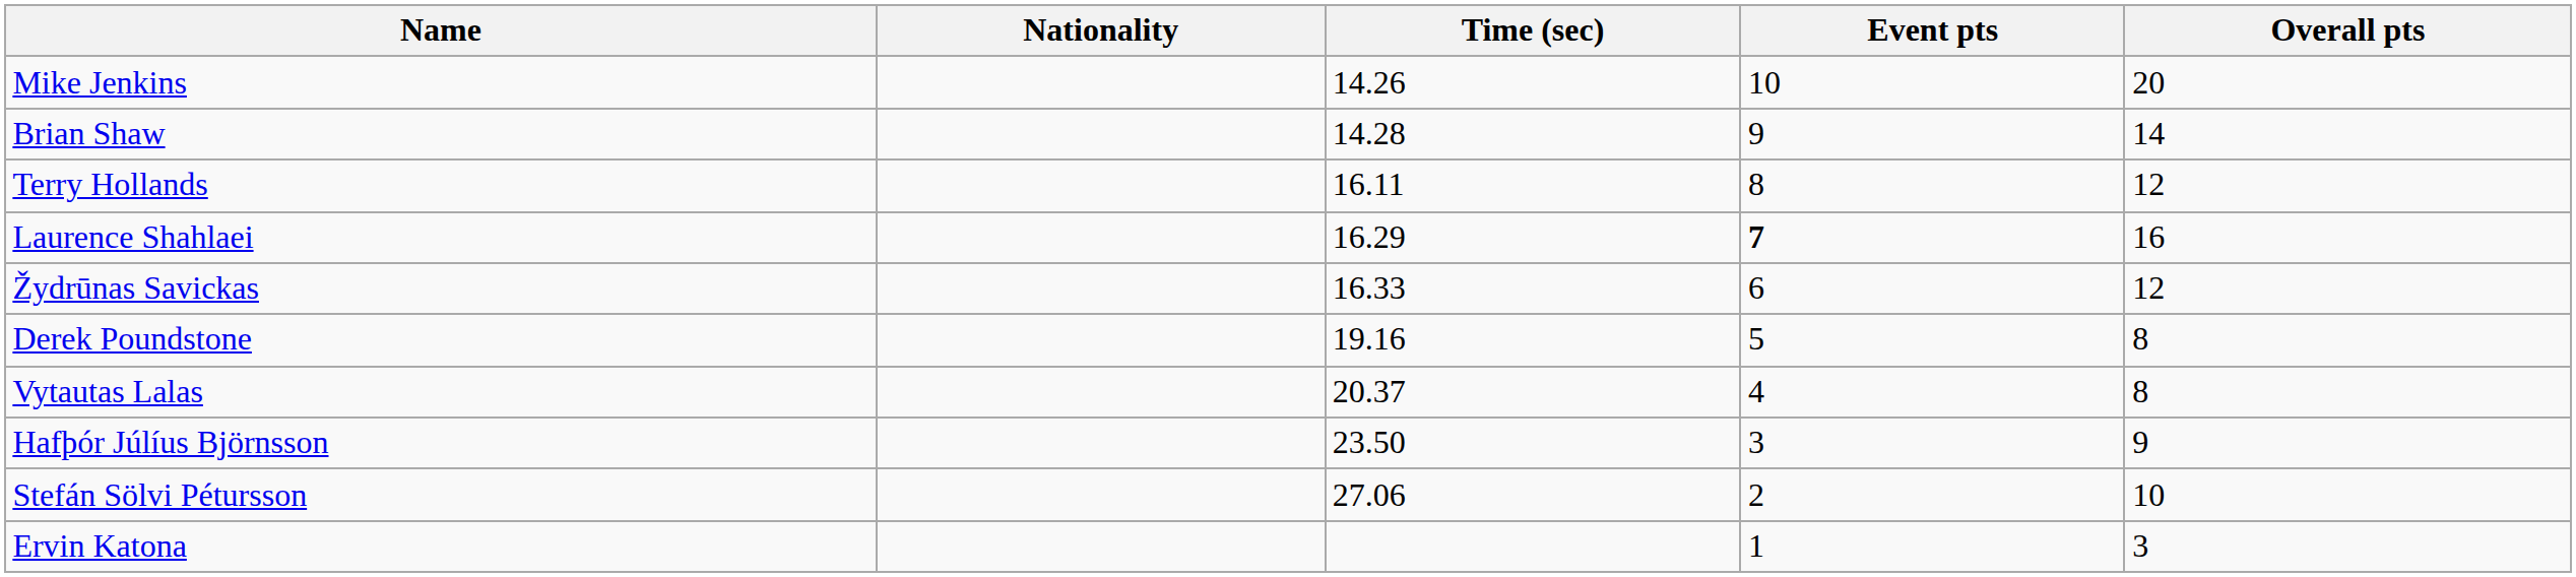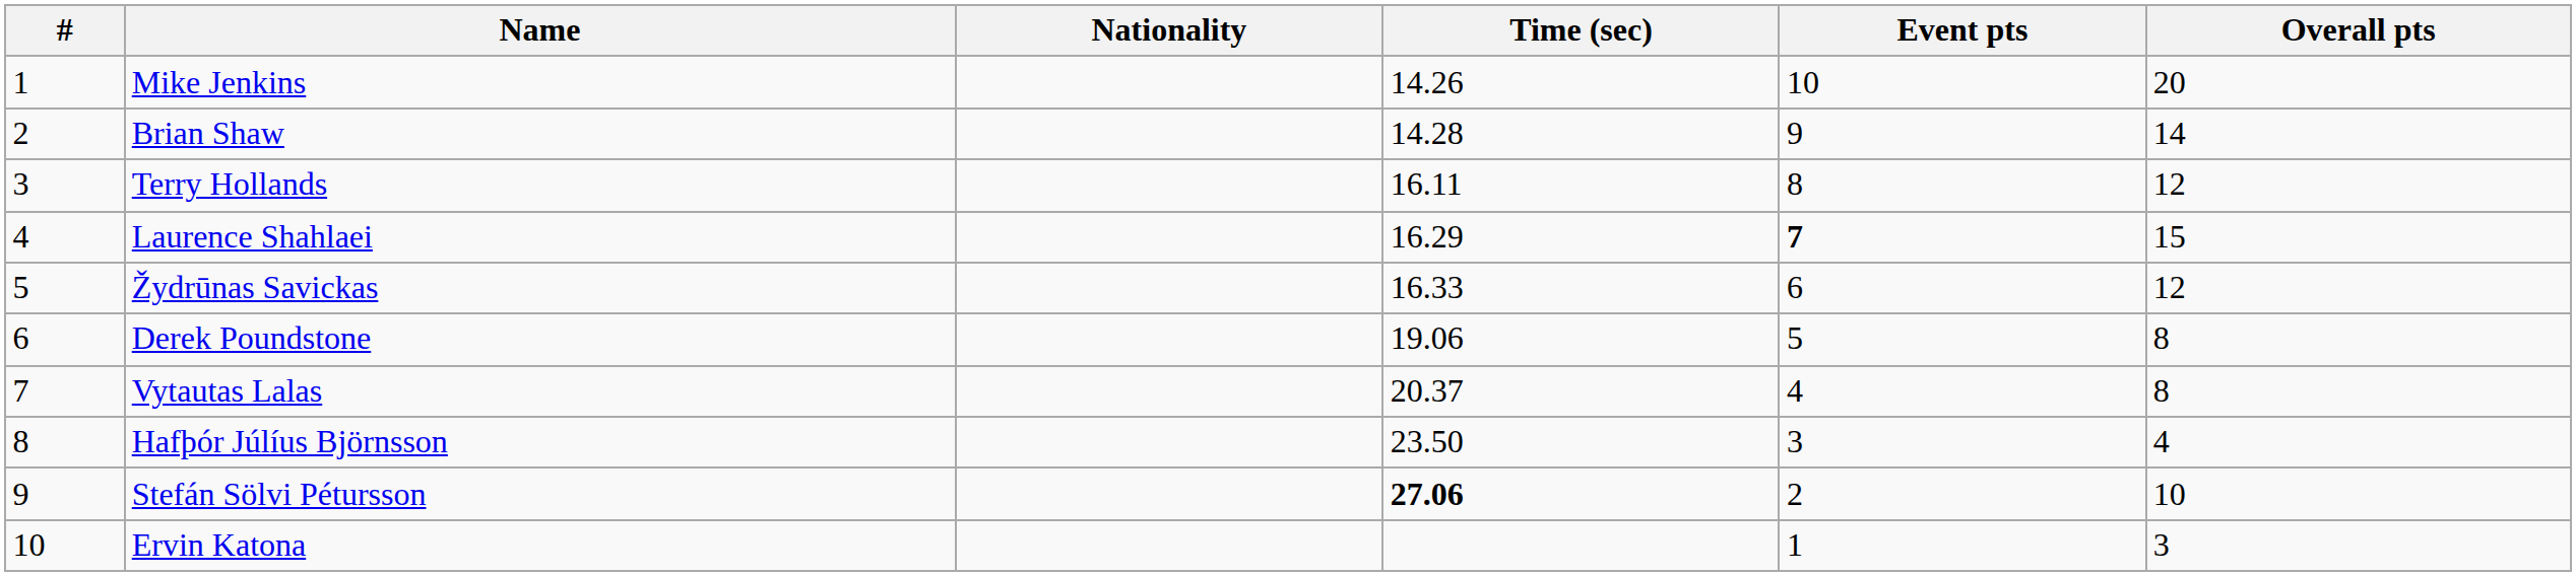 <table class="wikitable sortable" style="display: inline-table;width: 100%;">
 <tr>
+<th>#</th>
 <th>Name</th>
 <th>Nationality</th>
 <th>Time (sec)</th>
 <th>Event pts</th>
 <th>Overall pts</th>
 </tr>
 <tr>
+<td>1</td>
 <td><a href='#'>Mike Jenkins</a></td>
 <td></td>
 <td>14.26</td>
 <td>10</td>
 <td>20</td>
 </tr>
 <tr>
+<td>2</td>
 <td><a href='#'>Brian Shaw</a></td>
 <td></td>
 <td>14.28</td>
 <td>9</td>
 <td>14</td>
 </tr>
 <tr>
+<td>3</td>
 <td><a href='#'>Terry Hollands</a></td>
 <td></td>
 <td>16.11</td>
 <td>8</td>
 <td>12</td>
 </tr>
 <tr>
+<td>4</td>
 <td><a href='#'>Laurence Shahlaei</a></td>
 <td></td>
 <td>16.29</td>
 <td><strong>7</strong></td>
-<td>16</td>
+<td>15</td>
 </tr>
 <tr>
+<td>5</td>
 <td><a href='#'>Žydrūnas Savickas</a></td>
 <td></td>
 <td>16.33</td>
 <td>6</td>
 <td>12</td>
 </tr>
 <tr>
+<td>6</td>
 <td><a href='#'>Derek Poundstone</a></td>
 <td></td>
-<td>19.16</td>
+<td>19.06</td>
 <td>5</td>
 <td>8</td>
 </tr>
 <tr>
+<td>7</td>
 <td><a href='#'>Vytautas Lalas</a></td>
 <td></td>
 <td>20.37</td>
 <td>4</td>
 <td>8</td>
 </tr>
 <tr>
+<td>8</td>
 <td><a href='#'>Hafþór Júlíus Björnsson</a></td>
 <td></td>
 <td>23.50</td>
 <td>3</td>
-<td>9</td>
+<td>4</td>
 </tr>
 <tr>
+<td>9</td>
 <td><a href='#'>Stefán Sölvi Pétursson</a></td>
 <td></td>
-<td>27.06</td>
+<td><strong>27.06</strong></td>
 <td>2</td>
 <td>10</td>
 </tr>
 <tr>
+<td>10</td>
 <td><a href='#'>Ervin Katona</a></td>
 <td></td>
 <td></td>
 <td>1</td>
 <td>3</td>
 </tr>
 </table>
